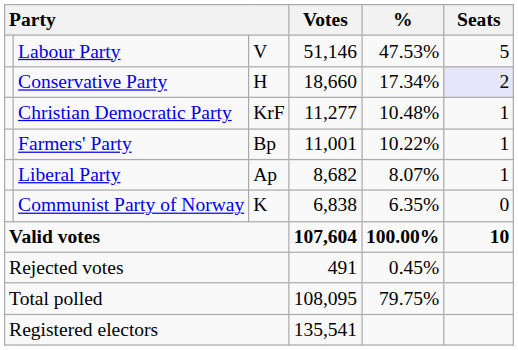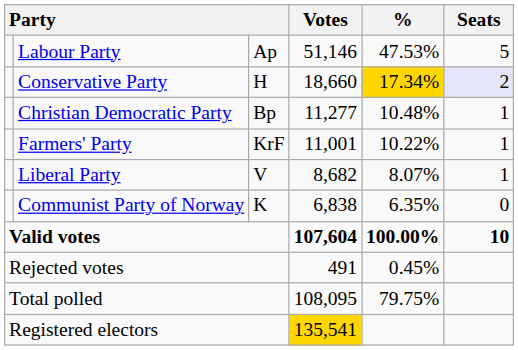 <table class="wikitable" border="1" style="text-align:right;">
 <tr>
 <th style="text-align:left;" colspan=3>Party</th>
 <th align=center width="50">Votes</th>
 <th align=center width="50">%</th>
 <th align=center width="50">Seats</th>
 </tr>
 <tr>
 <td style="color:inherit;background:"></td>
 <td align=left><a href='#'>Labour Party</a></td>
-<td align=left>V</td>
+<td align=left>Ap</td>
 <td>51,146</td>
 <td>47.53%</td>
 <td>5</td>
 </tr>
 <tr>
 <td style="color:inherit;background:"></td>
 <td align=left><a href='#'>Conservative Party</a></td>
 <td align=left>H</td>
 <td>18,660</td>
-<td>17.34%</td>
+<td style="background: gold;">17.34%</td>
 <td style="background: lavender;">2</td>
 </tr>
 <tr>
 <td style="color:inherit;background:"></td>
 <td align=left><a href='#'>Christian Democratic Party</a></td>
-<td align=left>KrF</td>
+<td align=left>Bp</td>
 <td>11,277</td>
 <td>10.48%</td>
 <td>1</td>
 </tr>
 <tr>
 <td style="color:inherit;background:"></td>
 <td align=left><a href='#'>Farmers' Party</a></td>
-<td align=left>Bp</td>
+<td align=left>KrF</td>
 <td>11,001</td>
 <td>10.22%</td>
 <td>1</td>
 </tr>
 <tr>
 <td style="color:inherit;background:"></td>
 <td align=left><a href='#'>Liberal Party</a></td>
-<td align=left>Ap</td>
+<td align=left>V</td>
 <td>8,682</td>
 <td>8.07%</td>
 <td>1</td>
 </tr>
 <tr>
 <td style="color:inherit;background:"></td>
 <td align=left><a href='#'>Communist Party of Norway</a></td>
 <td align=left>K</td>
 <td>6,838</td>
 <td>6.35%</td>
 <td>0</td>
 </tr>
 <tr style="font-weight:bold">
 <td align=left colspan=3>Valid votes</td>
 <td>107,604</td>
 <td>100.00%</td>
 <td>10</td>
 </tr>
 <tr>
 <td align=left colspan=3>Rejected votes</td>
 <td>491</td>
 <td>0.45%</td>
 <td></td>
 </tr>
 <tr>
 <td align=left colspan=3>Total polled</td>
 <td>108,095</td>
 <td>79.75%</td>
 <td></td>
 </tr>
 <tr>
 <td align=left colspan=3>Registered electors</td>
-<td>135,541</td>
+<td style="background: gold;">135,541</td>
 <td></td>
 <td></td>
 </tr>
 </table>
